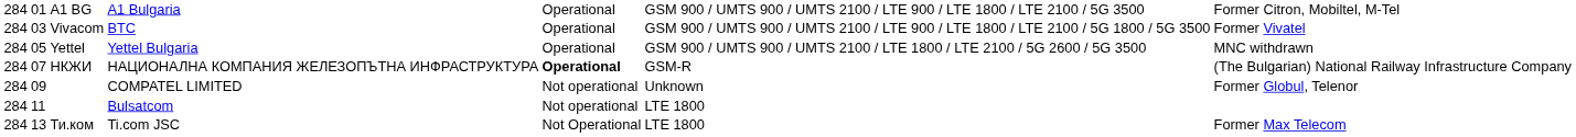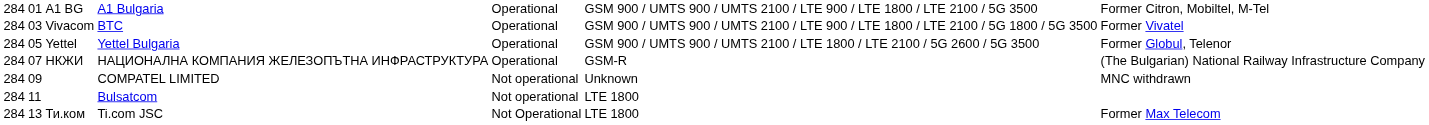 <table>
 <tr>
 <td>284</td>
 <td>01</td>
 <td>A1 BG</td>
 <td><a href='#'>A1 Bulgaria</a></td>
 <td>Operational</td>
 <td>GSM 900 / UMTS 900 / UMTS 2100 / LTE 900 / LTE 1800 / LTE 2100 / 5G 3500</td>
 <td>Former Citron, Mobiltel, M-Tel</td>
 </tr>
 <tr>
 <td>284</td>
 <td>03</td>
 <td>Vivacom</td>
 <td><a href='#'>BTC</a></td>
 <td>Operational</td>
 <td>GSM 900 / UMTS 900 / UMTS 2100 / LTE 900 / LTE 1800 / LTE 2100 / 5G 1800 / 5G 3500</td>
 <td>Former <a href='#'>Vivatel</a></td>
 </tr>
 <tr>
 <td>284</td>
 <td>05</td>
 <td>Yettel</td>
 <td><a href='#'>Yettel Bulgaria</a></td>
 <td>Operational</td>
 <td>GSM 900 / UMTS 900 / UMTS 2100 / LTE 1800 / LTE 2100 / 5G 2600 / 5G 3500</td>
-<td>MNC withdrawn</td>
+<td>Former <a href='#'>Globul</a>, Telenor</td>
 </tr>
 <tr>
 <td>284</td>
 <td>07</td>
 <td>НКЖИ</td>
 <td>НАЦИОНАЛНА КОМПАНИЯ ЖЕЛЕЗОПЪТНА ИНФРАСТРУКТУРА</td>
-<td><strong>Operational</strong></td>
+<td>Operational</td>
 <td>GSM-R</td>
 <td>(The Bulgarian) National Railway Infrastructure Company</td>
 </tr>
 <tr>
 <td>284</td>
 <td>09</td>
 <td></td>
 <td>COMPATEL LIMITED</td>
 <td>Not operational</td>
 <td>Unknown</td>
-<td>Former <a href='#'>Globul</a>, Telenor</td>
+<td>MNC withdrawn</td>
 </tr>
 <tr>
 <td>284</td>
 <td>11</td>
 <td></td>
 <td><a href='#'>Bulsatcom</a></td>
 <td>Not operational</td>
 <td>LTE 1800</td>
 <td></td>
 </tr>
 <tr>
 <td>284</td>
 <td>13</td>
 <td>Ти.ком</td>
 <td>Ti.com JSC</td>
 <td>Not Operational</td>
 <td>LTE 1800</td>
 <td>Former <a href='#'>Max Telecom</a></td>
 </tr>
 </table>
